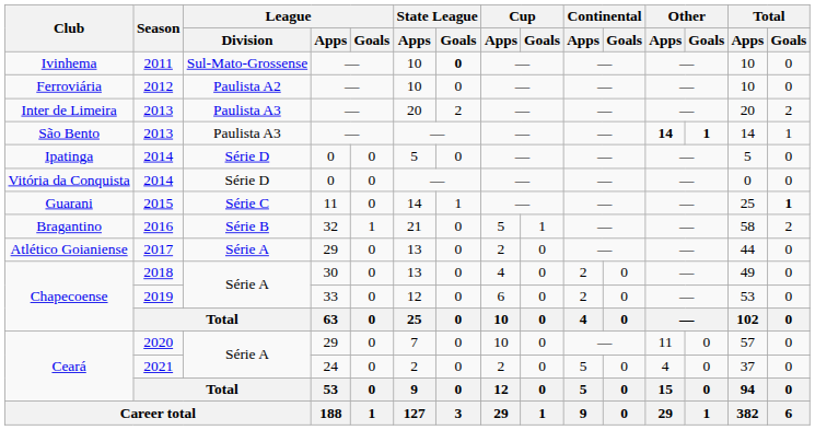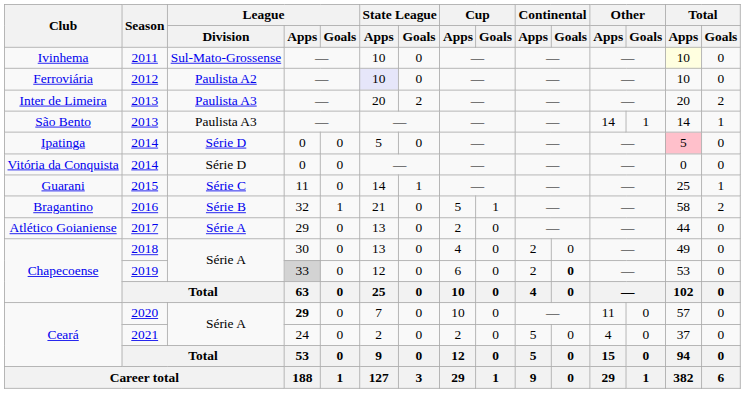 <table class="wikitable" style="text-align: center;">
 <tr>
 <th rowspan="2">Club</th>
 <th rowspan="2">Season</th>
 <th colspan="3">League</th>
 <th colspan="2">State League</th>
 <th colspan="2">Cup</th>
 <th colspan="2">Continental</th>
 <th colspan="2">Other</th>
 <th colspan="2">Total</th>
 </tr>
 <tr>
 <th>Division</th>
 <th>Apps</th>
 <th>Goals</th>
 <th>Apps</th>
 <th>Goals</th>
 <th>Apps</th>
 <th>Goals</th>
 <th>Apps</th>
 <th>Goals</th>
 <th>Apps</th>
 <th>Goals</th>
 <th>Apps</th>
 <th>Goals</th>
 </tr>
 <tr>
 <td valign="center"><a href='#'>Ivinhema</a></td>
 <td><a href='#'>2011</a></td>
 <td><a href='#'>Sul-Mato-Grossense</a></td>
 <td colspan="2">—</td>
 <td>10</td>
-<td><strong>0</strong></td>
+<td>0</td>
 <td colspan="2">—</td>
 <td colspan="2">—</td>
 <td colspan="2">—</td>
-<td>10</td>
+<td style="background: lightyellow;">10</td>
 <td>0</td>
 </tr>
 <tr>
 <td valign="center"><a href='#'>Ferroviária</a></td>
 <td><a href='#'>2012</a></td>
 <td><a href='#'>Paulista A2</a></td>
 <td colspan="2">—</td>
-<td>10</td>
+<td style="background: lavender;">10</td>
 <td>0</td>
 <td colspan="2">—</td>
 <td colspan="2">—</td>
 <td colspan="2">—</td>
 <td>10</td>
 <td>0</td>
 </tr>
 <tr>
 <td valign="center"><a href='#'>Inter de Limeira</a></td>
 <td><a href='#'>2013</a></td>
 <td><a href='#'>Paulista A3</a></td>
 <td colspan="2">—</td>
 <td>20</td>
 <td>2</td>
 <td colspan="2">—</td>
 <td colspan="2">—</td>
 <td colspan="2">—</td>
 <td>20</td>
 <td>2</td>
 </tr>
 <tr>
 <td valign="center"><a href='#'>São Bento</a></td>
 <td><a href='#'>2013</a></td>
 <td>Paulista A3</td>
 <td colspan="2">—</td>
 <td colspan="2">—</td>
 <td colspan="2">—</td>
 <td colspan="2">—</td>
-<td><strong>14</strong></td>
-<td><strong>1</strong></td>
+<td>14</td>
+<td>1</td>
 <td>14</td>
 <td>1</td>
 </tr>
 <tr>
 <td valign="center"><a href='#'>Ipatinga</a></td>
 <td><a href='#'>2014</a></td>
 <td><a href='#'>Série D</a></td>
 <td>0</td>
 <td>0</td>
 <td>5</td>
 <td>0</td>
 <td colspan="2">—</td>
 <td colspan="2">—</td>
 <td colspan="2">—</td>
-<td>5</td>
+<td style="background: pink;">5</td>
 <td>0</td>
 </tr>
 <tr>
 <td valign="center"><a href='#'>Vitória da Conquista</a></td>
 <td><a href='#'>2014</a></td>
 <td>Série D</td>
 <td>0</td>
 <td>0</td>
 <td colspan="2">—</td>
 <td colspan="2">—</td>
 <td colspan="2">—</td>
 <td colspan="2">—</td>
 <td>0</td>
 <td>0</td>
 </tr>
 <tr>
 <td valign="center"><a href='#'>Guarani</a></td>
 <td><a href='#'>2015</a></td>
 <td><a href='#'>Série C</a></td>
 <td>11</td>
 <td>0</td>
 <td>14</td>
 <td>1</td>
 <td colspan="2">—</td>
 <td colspan="2">—</td>
 <td colspan="2">—</td>
 <td>25</td>
-<td><strong>1</strong></td>
+<td>1</td>
 </tr>
 <tr>
 <td valign="center"><a href='#'>Bragantino</a></td>
 <td><a href='#'>2016</a></td>
 <td><a href='#'>Série B</a></td>
 <td>32</td>
 <td>1</td>
 <td>21</td>
 <td>0</td>
 <td>5</td>
 <td>1</td>
 <td colspan="2">—</td>
 <td colspan="2">—</td>
 <td>58</td>
 <td>2</td>
 </tr>
 <tr>
 <td valign="center"><a href='#'>Atlético Goianiense</a></td>
 <td><a href='#'>2017</a></td>
 <td><a href='#'>Série A</a></td>
 <td>29</td>
 <td>0</td>
 <td>13</td>
 <td>0</td>
 <td>2</td>
 <td>0</td>
 <td colspan="2">—</td>
 <td colspan="2">—</td>
 <td>44</td>
 <td>0</td>
 </tr>
 <tr>
 <td rowspan="3" valign="center"><a href='#'>Chapecoense</a></td>
 <td><a href='#'>2018</a></td>
 <td rowspan="2">Série A</td>
 <td>30</td>
 <td>0</td>
 <td>13</td>
 <td>0</td>
 <td>4</td>
 <td>0</td>
 <td>2</td>
 <td>0</td>
 <td colspan="2">—</td>
 <td>49</td>
 <td>0</td>
 </tr>
 <tr>
 <td><a href='#'>2019</a></td>
-<td>33</td>
+<td style="background: lightgrey;">33</td>
 <td>0</td>
 <td>12</td>
 <td>0</td>
 <td>6</td>
 <td>0</td>
 <td>2</td>
-<td>0</td>
+<td><strong>0</strong></td>
 <td colspan="2">—</td>
 <td>53</td>
 <td>0</td>
 </tr>
 <tr>
 <th colspan="2">Total</th>
 <th>63</th>
 <th>0</th>
 <th>25</th>
 <th>0</th>
 <th>10</th>
 <th>0</th>
 <th>4</th>
 <th>0</th>
 <th colspan="2">—</th>
 <th>102</th>
 <th>0</th>
 </tr>
 <tr>
 <td rowspan="3" valign="center"><a href='#'>Ceará</a></td>
 <td><a href='#'>2020</a></td>
 <td rowspan="2">Série A</td>
-<td>29</td>
+<td><strong>29</strong></td>
 <td>0</td>
 <td>7</td>
 <td>0</td>
 <td>10</td>
 <td>0</td>
 <td colspan="2">—</td>
 <td>11</td>
 <td>0</td>
 <td>57</td>
 <td>0</td>
 </tr>
 <tr>
 <td><a href='#'>2021</a></td>
 <td>24</td>
 <td>0</td>
 <td>2</td>
 <td>0</td>
 <td>2</td>
 <td>0</td>
 <td>5</td>
 <td>0</td>
 <td>4</td>
 <td>0</td>
 <td>37</td>
 <td>0</td>
 </tr>
 <tr>
 <th colspan="2">Total</th>
 <th>53</th>
 <th>0</th>
 <th>9</th>
 <th>0</th>
 <th>12</th>
 <th>0</th>
 <th>5</th>
 <th>0</th>
 <th>15</th>
 <th>0</th>
 <th>94</th>
 <th>0</th>
 </tr>
 <tr>
 <th colspan="3"><strong>Career total</strong></th>
 <th>188</th>
 <th>1</th>
 <th>127</th>
 <th>3</th>
 <th>29</th>
 <th>1</th>
 <th>9</th>
 <th>0</th>
 <th>29</th>
 <th>1</th>
 <th>382</th>
 <th>6</th>
 </tr>
 </table>
